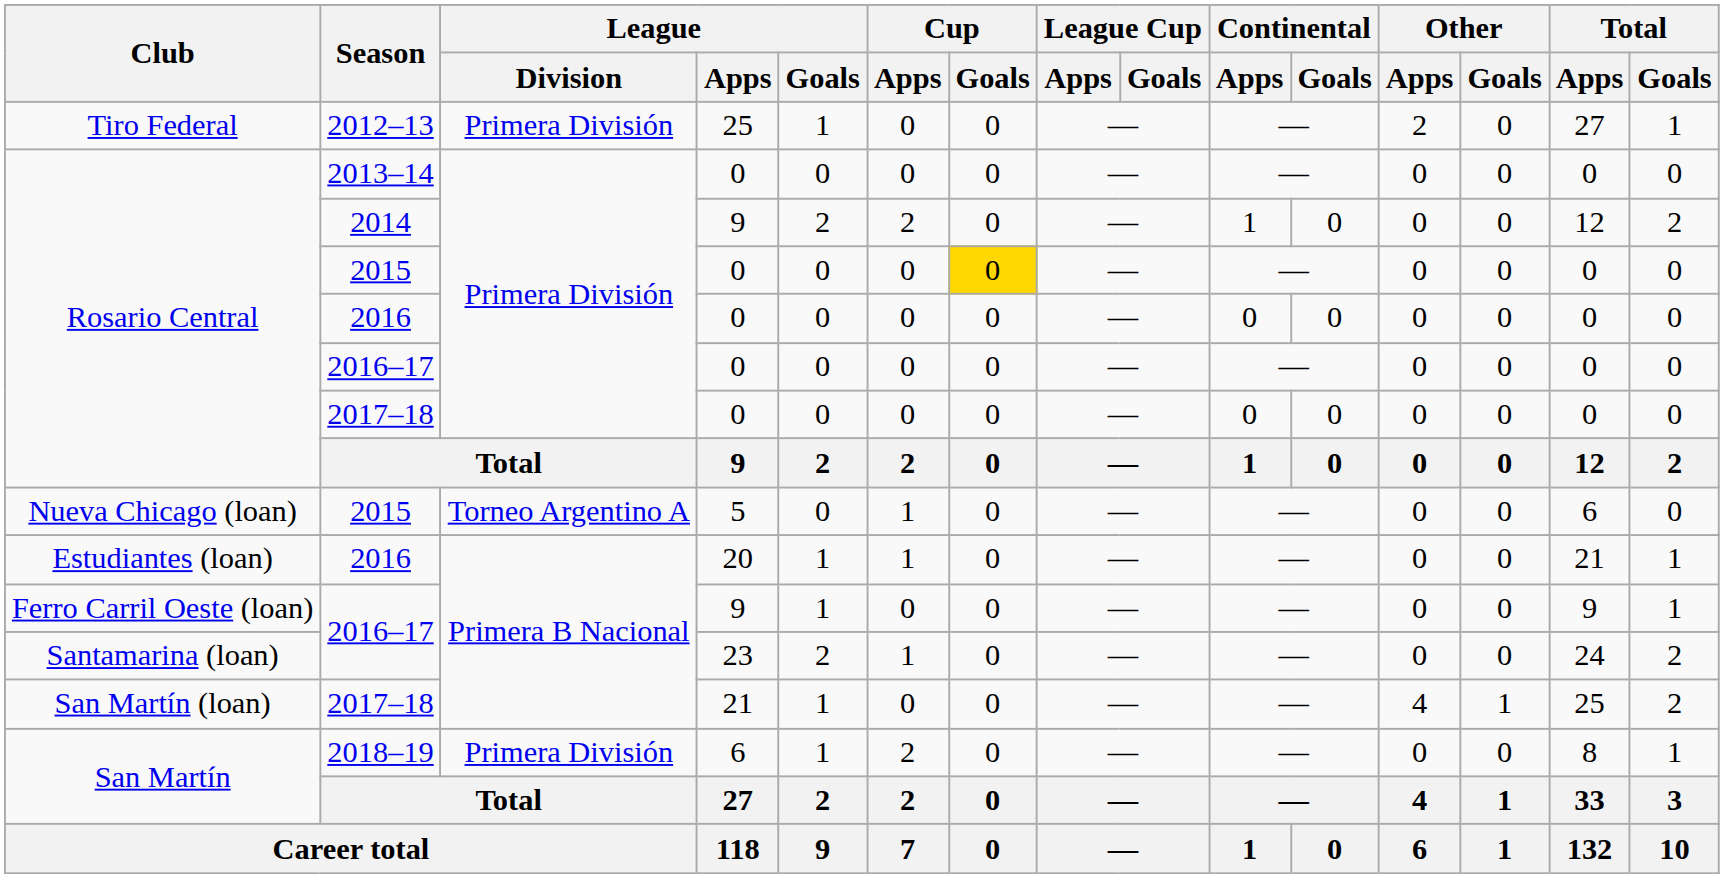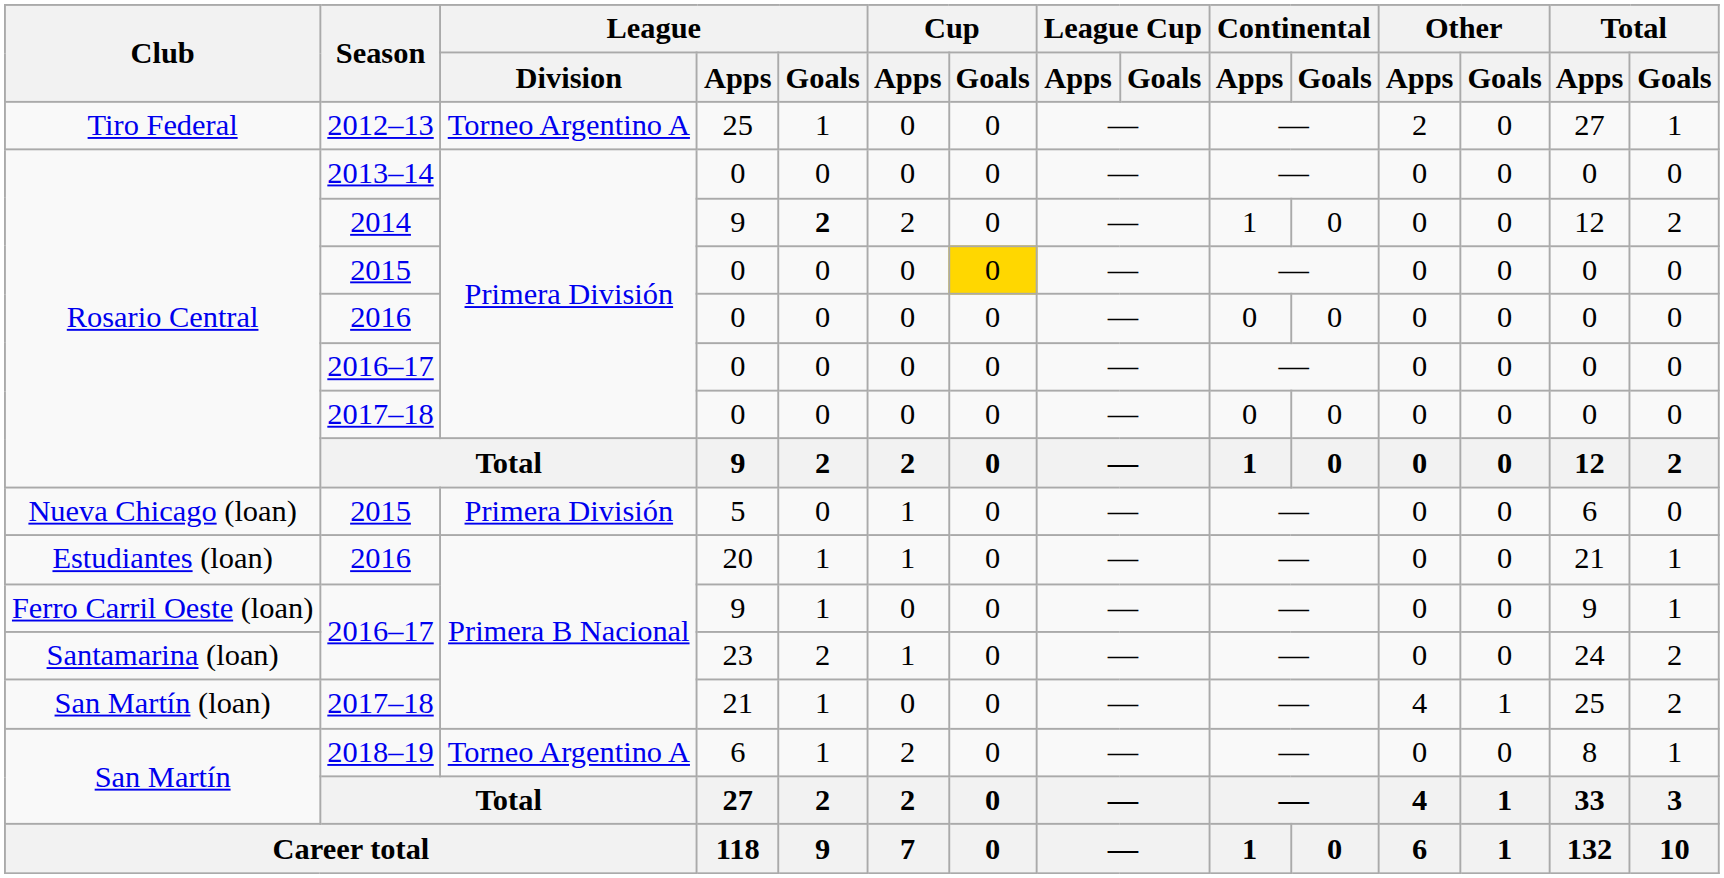 <table class="wikitable" style="text-align:center">
 <tr>
 <th rowspan="2">Club</th>
 <th rowspan="2">Season</th>
 <th colspan="3">League</th>
 <th colspan="2">Cup</th>
 <th colspan="2">League Cup</th>
 <th colspan="2">Continental</th>
 <th colspan="2">Other</th>
 <th colspan="2">Total</th>
 </tr>
 <tr>
 <th>Division</th>
 <th>Apps</th>
 <th>Goals</th>
 <th>Apps</th>
 <th>Goals</th>
 <th>Apps</th>
 <th>Goals</th>
 <th>Apps</th>
 <th>Goals</th>
 <th>Apps</th>
 <th>Goals</th>
 <th>Apps</th>
 <th>Goals</th>
 </tr>
 <tr>
 <td rowspan="1"><a href='#'>Tiro Federal</a></td>
 <td><a href='#'>2012–13</a></td>
-<td rowspan="1"><a href='#'>Primera División</a></td>
+<td rowspan="1"><a href='#'>Torneo Argentino A</a></td>
 <td>25</td>
 <td>1</td>
 <td>0</td>
 <td>0</td>
 <td colspan="2">—</td>
 <td colspan="2">—</td>
 <td>2</td>
 <td>0</td>
 <td>27</td>
 <td>1</td>
 </tr>
 <tr>
 <td rowspan="7"><a href='#'>Rosario Central</a></td>
 <td><a href='#'>2013–14</a></td>
 <td rowspan="6"><a href='#'>Primera División</a></td>
 <td>0</td>
 <td>0</td>
 <td>0</td>
 <td>0</td>
 <td colspan="2">—</td>
 <td colspan="2">—</td>
 <td>0</td>
 <td>0</td>
 <td>0</td>
 <td>0</td>
 </tr>
 <tr>
 <td><a href='#'>2014</a></td>
 <td>9</td>
-<td>2</td>
+<td><strong>2</strong></td>
 <td>2</td>
 <td>0</td>
 <td colspan="2">—</td>
 <td>1</td>
 <td>0</td>
 <td>0</td>
 <td>0</td>
 <td>12</td>
 <td>2</td>
 </tr>
 <tr>
 <td><a href='#'>2015</a></td>
 <td>0</td>
 <td>0</td>
 <td>0</td>
 <td style="background: gold;">0</td>
 <td colspan="2">—</td>
 <td colspan="2">—</td>
 <td>0</td>
 <td>0</td>
 <td>0</td>
 <td>0</td>
 </tr>
 <tr>
 <td><a href='#'>2016</a></td>
 <td>0</td>
 <td>0</td>
 <td>0</td>
 <td>0</td>
 <td colspan="2">—</td>
 <td>0</td>
 <td>0</td>
 <td>0</td>
 <td>0</td>
 <td>0</td>
 <td>0</td>
 </tr>
 <tr>
 <td><a href='#'>2016–17</a></td>
 <td>0</td>
 <td>0</td>
 <td>0</td>
 <td>0</td>
 <td colspan="2">—</td>
 <td colspan="2">—</td>
 <td>0</td>
 <td>0</td>
 <td>0</td>
 <td>0</td>
 </tr>
 <tr>
 <td><a href='#'>2017–18</a></td>
 <td>0</td>
 <td>0</td>
 <td>0</td>
 <td>0</td>
 <td colspan="2">—</td>
 <td>0</td>
 <td>0</td>
 <td>0</td>
 <td>0</td>
 <td>0</td>
 <td>0</td>
 </tr>
 <tr>
 <th colspan="2">Total</th>
 <th>9</th>
 <th>2</th>
 <th>2</th>
 <th>0</th>
 <th colspan="2">—</th>
 <th>1</th>
 <th>0</th>
 <th>0</th>
 <th>0</th>
 <th>12</th>
 <th>2</th>
 </tr>
 <tr>
 <td rowspan="1"><a href='#'>Nueva Chicago</a> (loan)</td>
 <td><a href='#'>2015</a></td>
-<td rowspan="1"><a href='#'>Torneo Argentino A</a></td>
+<td rowspan="1"><a href='#'>Primera División</a></td>
 <td>5</td>
 <td>0</td>
 <td>1</td>
 <td>0</td>
 <td colspan="2">—</td>
 <td colspan="2">—</td>
 <td>0</td>
 <td>0</td>
 <td>6</td>
 <td>0</td>
 </tr>
 <tr>
 <td rowspan="1"><a href='#'>Estudiantes</a> (loan)</td>
 <td><a href='#'>2016</a></td>
 <td rowspan="4"><a href='#'>Primera B Nacional</a></td>
 <td>20</td>
 <td>1</td>
 <td>1</td>
 <td>0</td>
 <td colspan="2">—</td>
 <td colspan="2">—</td>
 <td>0</td>
 <td>0</td>
 <td>21</td>
 <td>1</td>
 </tr>
 <tr>
 <td rowspan="1"><a href='#'>Ferro Carril Oeste</a> (loan)</td>
 <td rowspan="2"><a href='#'>2016–17</a></td>
 <td>9</td>
 <td>1</td>
 <td>0</td>
 <td>0</td>
 <td colspan="2">—</td>
 <td colspan="2">—</td>
 <td>0</td>
 <td>0</td>
 <td>9</td>
 <td>1</td>
 </tr>
 <tr>
 <td rowspan="1"><a href='#'>Santamarina</a> (loan)</td>
 <td>23</td>
 <td>2</td>
 <td>1</td>
 <td>0</td>
 <td colspan="2">—</td>
 <td colspan="2">—</td>
 <td>0</td>
 <td>0</td>
 <td>24</td>
 <td>2</td>
 </tr>
 <tr>
 <td rowspan="1"><a href='#'>San Martín</a> (loan)</td>
 <td><a href='#'>2017–18</a></td>
 <td>21</td>
 <td>1</td>
 <td>0</td>
 <td>0</td>
 <td colspan="2">—</td>
 <td colspan="2">—</td>
 <td>4</td>
 <td>1</td>
 <td>25</td>
 <td>2</td>
 </tr>
 <tr>
 <td rowspan="2"><a href='#'>San Martín</a></td>
 <td><a href='#'>2018–19</a></td>
-<td rowspan="1"><a href='#'>Primera División</a></td>
+<td rowspan="1"><a href='#'>Torneo Argentino A</a></td>
 <td>6</td>
 <td>1</td>
 <td>2</td>
 <td>0</td>
 <td colspan="2">—</td>
 <td colspan="2">—</td>
 <td>0</td>
 <td>0</td>
 <td>8</td>
 <td>1</td>
 </tr>
 <tr>
 <th colspan="2">Total</th>
 <th>27</th>
 <th>2</th>
 <th>2</th>
 <th>0</th>
 <th colspan="2">—</th>
 <th colspan="2">—</th>
 <th>4</th>
 <th>1</th>
 <th>33</th>
 <th>3</th>
 </tr>
 <tr>
 <th colspan="3">Career total</th>
 <th>118</th>
 <th>9</th>
 <th>7</th>
 <th>0</th>
 <th colspan="2">—</th>
 <th>1</th>
 <th>0</th>
 <th>6</th>
 <th>1</th>
 <th>132</th>
 <th>10</th>
 </tr>
 </table>
